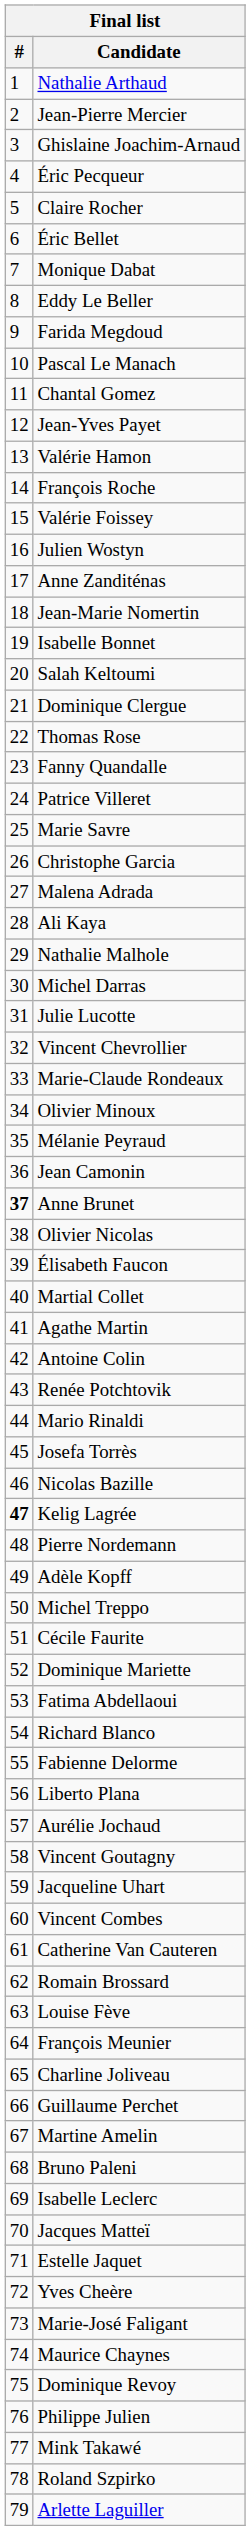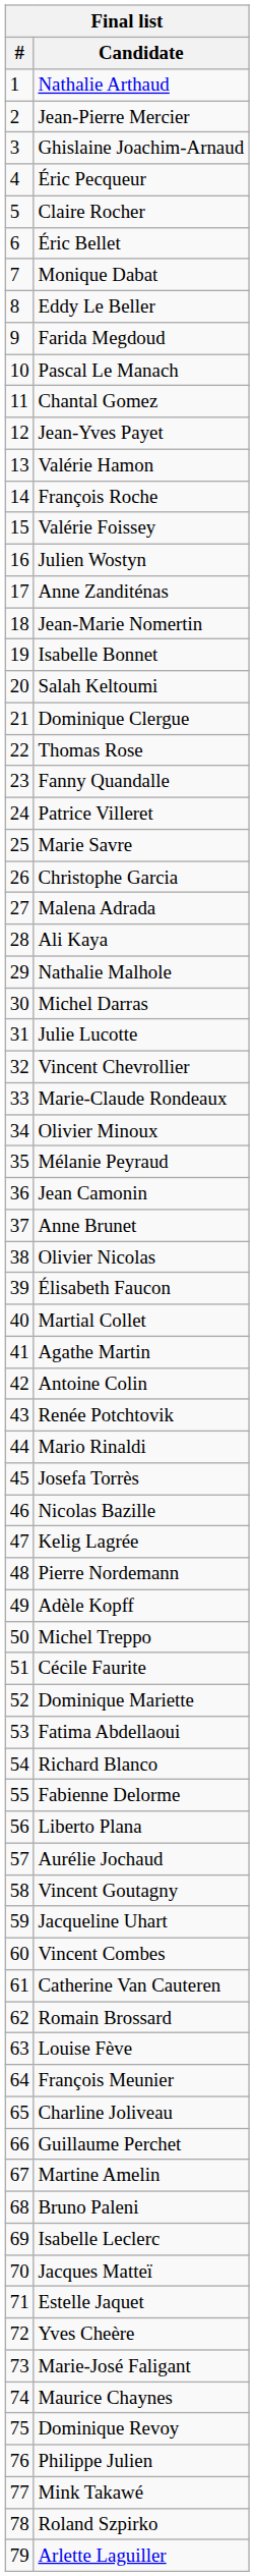 <table class="wikitable mw-collapsible mw-collapsed" style="font-size:90%; float:right; padding:5px">
 <tr>
 <th colspan="2">Final list</th>
 </tr>
 <tr>
 <th>#</th>
 <th>Candidate</th>
 </tr>
 <tr>
 <td>1</td>
 <td><a href='#'>Nathalie Arthaud</a></td>
 </tr>
 <tr>
 <td>2</td>
 <td>Jean-Pierre Mercier</td>
 </tr>
 <tr>
 <td>3</td>
 <td>Ghislaine Joachim-Arnaud</td>
 </tr>
 <tr>
 <td>4</td>
 <td>Éric Pecqueur</td>
 </tr>
 <tr>
 <td>5</td>
 <td>Claire Rocher</td>
 </tr>
 <tr>
 <td>6</td>
 <td>Éric Bellet</td>
 </tr>
 <tr>
 <td>7</td>
 <td>Monique Dabat</td>
 </tr>
 <tr>
 <td>8</td>
 <td>Eddy Le Beller</td>
 </tr>
 <tr>
 <td>9</td>
 <td>Farida Megdoud</td>
 </tr>
 <tr>
 <td>10</td>
 <td>Pascal Le Manach</td>
 </tr>
 <tr>
 <td>11</td>
 <td>Chantal Gomez</td>
 </tr>
 <tr>
 <td>12</td>
 <td>Jean-Yves Payet</td>
 </tr>
 <tr>
 <td>13</td>
 <td>Valérie Hamon</td>
 </tr>
 <tr>
 <td>14</td>
 <td>François Roche</td>
 </tr>
 <tr>
 <td>15</td>
 <td>Valérie Foissey</td>
 </tr>
 <tr>
 <td>16</td>
 <td>Julien Wostyn</td>
 </tr>
 <tr>
 <td>17</td>
 <td>Anne Zanditénas</td>
 </tr>
 <tr>
 <td>18</td>
 <td>Jean-Marie Nomertin</td>
 </tr>
 <tr>
 <td>19</td>
 <td>Isabelle Bonnet</td>
 </tr>
 <tr>
 <td>20</td>
 <td>Salah Keltoumi</td>
 </tr>
 <tr>
 <td>21</td>
 <td>Dominique Clergue</td>
 </tr>
 <tr>
 <td>22</td>
 <td>Thomas Rose</td>
 </tr>
 <tr>
 <td>23</td>
 <td>Fanny Quandalle</td>
 </tr>
 <tr>
 <td>24</td>
 <td>Patrice Villeret</td>
 </tr>
 <tr>
 <td>25</td>
 <td>Marie Savre</td>
 </tr>
 <tr>
 <td>26</td>
 <td>Christophe Garcia</td>
 </tr>
 <tr>
 <td>27</td>
 <td>Malena Adrada</td>
 </tr>
 <tr>
 <td>28</td>
 <td>Ali Kaya</td>
 </tr>
 <tr>
 <td>29</td>
 <td>Nathalie Malhole</td>
 </tr>
 <tr>
 <td>30</td>
 <td>Michel Darras</td>
 </tr>
 <tr>
 <td>31</td>
 <td>Julie Lucotte</td>
 </tr>
 <tr>
 <td>32</td>
 <td>Vincent Chevrollier</td>
 </tr>
 <tr>
 <td>33</td>
 <td>Marie-Claude Rondeaux</td>
 </tr>
 <tr>
 <td>34</td>
 <td>Olivier Minoux</td>
 </tr>
 <tr>
 <td>35</td>
 <td>Mélanie Peyraud</td>
 </tr>
 <tr>
 <td>36</td>
 <td>Jean Camonin</td>
 </tr>
 <tr>
-<td><strong>37</strong></td>
+<td>37</td>
 <td>Anne Brunet</td>
 </tr>
 <tr>
 <td>38</td>
 <td>Olivier Nicolas</td>
 </tr>
 <tr>
 <td>39</td>
 <td>Élisabeth Faucon</td>
 </tr>
 <tr>
 <td>40</td>
 <td>Martial Collet</td>
 </tr>
 <tr>
 <td>41</td>
 <td>Agathe Martin</td>
 </tr>
 <tr>
 <td>42</td>
 <td>Antoine Colin</td>
 </tr>
 <tr>
 <td>43</td>
 <td>Renée Potchtovik</td>
 </tr>
 <tr>
 <td>44</td>
 <td>Mario Rinaldi</td>
 </tr>
 <tr>
 <td>45</td>
 <td>Josefa Torrès</td>
 </tr>
 <tr>
 <td>46</td>
 <td>Nicolas Bazille</td>
 </tr>
 <tr>
-<td><strong>47</strong></td>
+<td>47</td>
 <td>Kelig Lagrée</td>
 </tr>
 <tr>
 <td>48</td>
 <td>Pierre Nordemann</td>
 </tr>
 <tr>
 <td>49</td>
 <td>Adèle Kopff</td>
 </tr>
 <tr>
 <td>50</td>
 <td>Michel Treppo</td>
 </tr>
 <tr>
 <td>51</td>
 <td>Cécile Faurite</td>
 </tr>
 <tr>
 <td>52</td>
 <td>Dominique Mariette</td>
 </tr>
 <tr>
 <td>53</td>
 <td>Fatima Abdellaoui</td>
 </tr>
 <tr>
 <td>54</td>
 <td>Richard Blanco</td>
 </tr>
 <tr>
 <td>55</td>
 <td>Fabienne Delorme</td>
 </tr>
 <tr>
 <td>56</td>
 <td>Liberto Plana</td>
 </tr>
 <tr>
 <td>57</td>
 <td>Aurélie Jochaud</td>
 </tr>
 <tr>
 <td>58</td>
 <td>Vincent Goutagny</td>
 </tr>
 <tr>
 <td>59</td>
 <td>Jacqueline Uhart</td>
 </tr>
 <tr>
 <td>60</td>
 <td>Vincent Combes</td>
 </tr>
 <tr>
 <td>61</td>
 <td>Catherine Van Cauteren</td>
 </tr>
 <tr>
 <td>62</td>
 <td>Romain Brossard</td>
 </tr>
 <tr>
 <td>63</td>
 <td>Louise Fève</td>
 </tr>
 <tr>
 <td>64</td>
 <td>François Meunier</td>
 </tr>
 <tr>
 <td>65</td>
 <td>Charline Joliveau</td>
 </tr>
 <tr>
 <td>66</td>
 <td>Guillaume Perchet</td>
 </tr>
 <tr>
 <td>67</td>
 <td>Martine Amelin</td>
 </tr>
 <tr>
 <td>68</td>
 <td>Bruno Paleni</td>
 </tr>
 <tr>
 <td>69</td>
 <td>Isabelle Leclerc</td>
 </tr>
 <tr>
 <td>70</td>
 <td>Jacques Matteï</td>
 </tr>
 <tr>
 <td>71</td>
 <td>Estelle Jaquet</td>
 </tr>
 <tr>
 <td>72</td>
 <td>Yves Cheère</td>
 </tr>
 <tr>
 <td>73</td>
 <td>Marie-José Faligant</td>
 </tr>
 <tr>
 <td>74</td>
 <td>Maurice Chaynes</td>
 </tr>
 <tr>
 <td>75</td>
 <td>Dominique Revoy</td>
 </tr>
 <tr>
 <td>76</td>
 <td>Philippe Julien</td>
 </tr>
 <tr>
 <td>77</td>
 <td>Mink Takawé</td>
 </tr>
 <tr>
 <td>78</td>
 <td>Roland Szpirko</td>
 </tr>
 <tr>
 <td>79</td>
 <td><a href='#'>Arlette Laguiller</a></td>
 </tr>
 </table>
